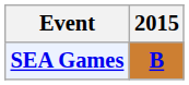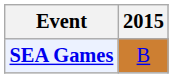 <table class="wikitable" style="font-size: 90%; text-align:center">
 <tr>
 <th>Event</th>
 <th>2015</th>
 </tr>
 <tr>
 <td bgcolor="#ECF2FF"; align="left"><strong><a href='#'>SEA Games</a></strong></td>
-<td bgcolor=CD7F32><strong><a href='#'>B</a></strong></td>
+<td bgcolor=CD7F32><a href='#'>B</a></td>
 </tr>
 </table>
